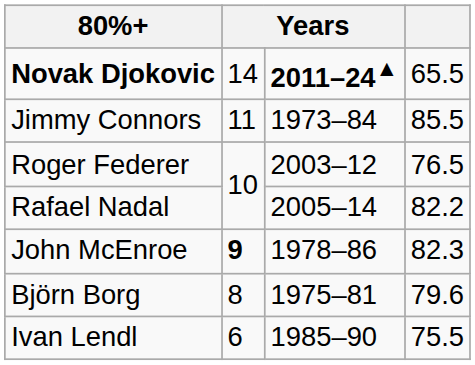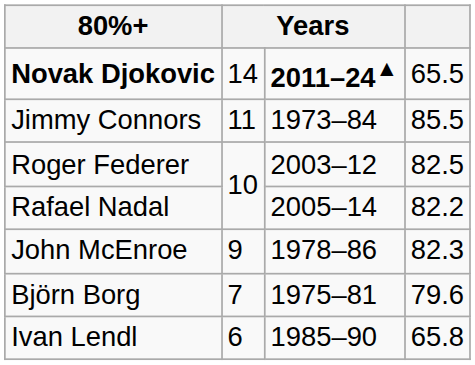 <table class="wikitable" style="display:inline-table;">
 <tr>
 <th>80%+</th>
 <th colspan="2">Years</th>
 <th></th>
 </tr>
 <tr>
 <td> <strong>Novak Djokovic</strong></td>
 <td>14</td>
 <td><strong>2011–24</strong><sup>▲</sup></td>
 <td>65.5</td>
 </tr>
 <tr>
 <td> Jimmy Connors</td>
 <td>11</td>
 <td>1973–84</td>
 <td>85.5</td>
 </tr>
 <tr>
 <td> Roger Federer</td>
 <td rowspan="2">10</td>
 <td>2003–12</td>
-<td>76.5</td>
+<td>82.5</td>
 </tr>
 <tr>
 <td> Rafael Nadal</td>
 <td>2005–14</td>
 <td>82.2</td>
 </tr>
 <tr>
 <td> John McEnroe</td>
-<td><strong>9</strong></td>
+<td>9</td>
 <td>1978–86</td>
 <td>82.3</td>
 </tr>
 <tr>
 <td> Björn Borg</td>
-<td>8</td>
+<td>7</td>
 <td>1975–81</td>
 <td>79.6</td>
 </tr>
 <tr>
 <td> Ivan Lendl</td>
 <td>6</td>
 <td>1985–90</td>
-<td>75.5</td>
+<td>65.8</td>
 </tr>
 </table>
